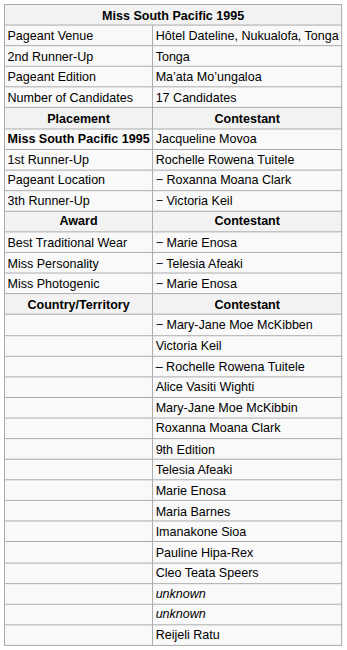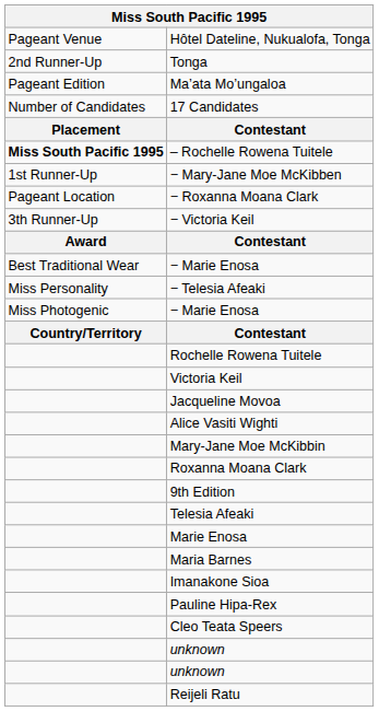 <table class="wikitable sortable" style="font-size: 80%;">
 <tr>
 <th colspan="2"><strong>Miss South Pacific 1995</strong></th>
 </tr>
 <tr>
 <td>Pageant Venue</td>
 <td>Hôtel Dateline, Nukualofa, Tonga</td>
 </tr>
 <tr>
 <td>2nd Runner-Up</td>
 <td>Tonga</td>
 </tr>
 <tr>
 <td>Pageant Edition</td>
 <td>Ma’ata Mo’ungaloa</td>
 </tr>
 <tr>
 <td>Number of Candidates</td>
 <td>17 Candidates</td>
 </tr>
 <tr>
 <th>Placement</th>
 <th>Contestant</th>
 </tr>
 <tr>
 <td><strong>Miss South Pacific 1995</strong></td>
-<td>Jacqueline Movoa</td>
+<td> – Rochelle Rowena Tuitele<br></td>
 </tr>
 <tr>
 <td>1st Runner-Up</td>
-<td>Rochelle Rowena Tuitele</td>
+<td> − Mary-Jane Moe McKibben</td>
 </tr>
 <tr>
 <td>Pageant Location</td>
 <td> − Roxanna Moana Clark</td>
 </tr>
 <tr>
 <td>3th Runner-Up</td>
 <td> − Victoria Keil</td>
 </tr>
 <tr>
 <th>Award</th>
 <th>Contestant</th>
 </tr>
 <tr>
 <td>Best Traditional Wear</td>
 <td> − Marie Enosa</td>
 </tr>
 <tr>
 <td>Miss Personality</td>
 <td> − Telesia Afeaki</td>
 </tr>
 <tr>
 <td>Miss Photogenic</td>
 <td> − Marie Enosa</td>
 </tr>
 <tr>
 <th><strong>Country/Territory</strong></th>
 <th>Contestant</th>
 </tr>
 <tr>
 <td></td>
-<td> − Mary-Jane Moe McKibben</td>
+<td>Rochelle Rowena Tuitele</td>
 </tr>
 <tr>
 <td></td>
 <td>Victoria Keil</td>
 </tr>
 <tr>
 <td></td>
-<td> – Rochelle Rowena Tuitele<br></td>
+<td>Jacqueline Movoa</td>
 </tr>
 <tr>
 <td></td>
 <td>Alice Vasiti Wighti</td>
 </tr>
 <tr>
 <td></td>
 <td>Mary-Jane Moe McKibbin</td>
 </tr>
 <tr>
 <td></td>
 <td>Roxanna Moana Clark</td>
 </tr>
 <tr>
 <td></td>
 <td>9th Edition</td>
 </tr>
 <tr>
 <td></td>
 <td>Telesia Afeaki</td>
 </tr>
 <tr>
 <td></td>
 <td>Marie Enosa</td>
 </tr>
 <tr>
 <td></td>
 <td>Maria Barnes</td>
 </tr>
 <tr>
 <td></td>
 <td>Imanakone Sioa</td>
 </tr>
 <tr>
 <td></td>
 <td>Pauline Hipa-Rex</td>
 </tr>
 <tr>
 <td></td>
 <td>Cleo Teata Speers</td>
 </tr>
 <tr>
 <td></td>
 <td><em>unknown</em></td>
 </tr>
 <tr>
 <td></td>
 <td><em>unknown</em></td>
 </tr>
 <tr>
 <td></td>
 <td>Reijeli Ratu</td>
 </tr>
 </table>
